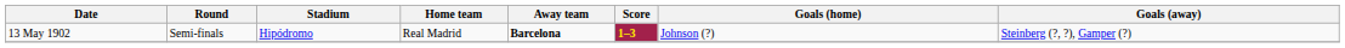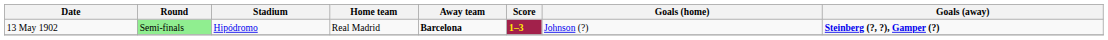 <table class="wikitable" style="width:100%; margin:0 left; font-size: 11px">
 <tr>
 <th width=9%>Date</th>
 <th width=5%>Round</th>
 <th width=8%>Stadium</th>
 <th width=6%>Home team</th>
 <th width=6%>Away team</th>
 <th width=2%>Score</th>
 <th style="width:19%;">Goals (home)</th>
 <th style="width:19%;">Goals (away)</th>
 </tr>
 <tr>
 <td>13 May 1902</td>
-<td>Semi-finals</td>
+<td style="background: lightgreen;">Semi-finals</td>
 <td><a href='#'>Hipódromo</a></td>
 <td>Real Madrid</td>
 <td><strong>Barcelona</strong></td>
 <td style="color:#fff000; background:#A2214B"><strong>1–3</strong></td>
 <td><a href='#'>Johnson</a> (?)</td>
-<td><a href='#'>Steinberg</a> (?, ?), <a href='#'>Gamper</a> (?)</td>
+<td><strong><a href='#'>Steinberg</a> (?, ?), <a href='#'>Gamper</a> (?)</strong></td>
 </tr>
 <tr>
 </tr>
 </table>
